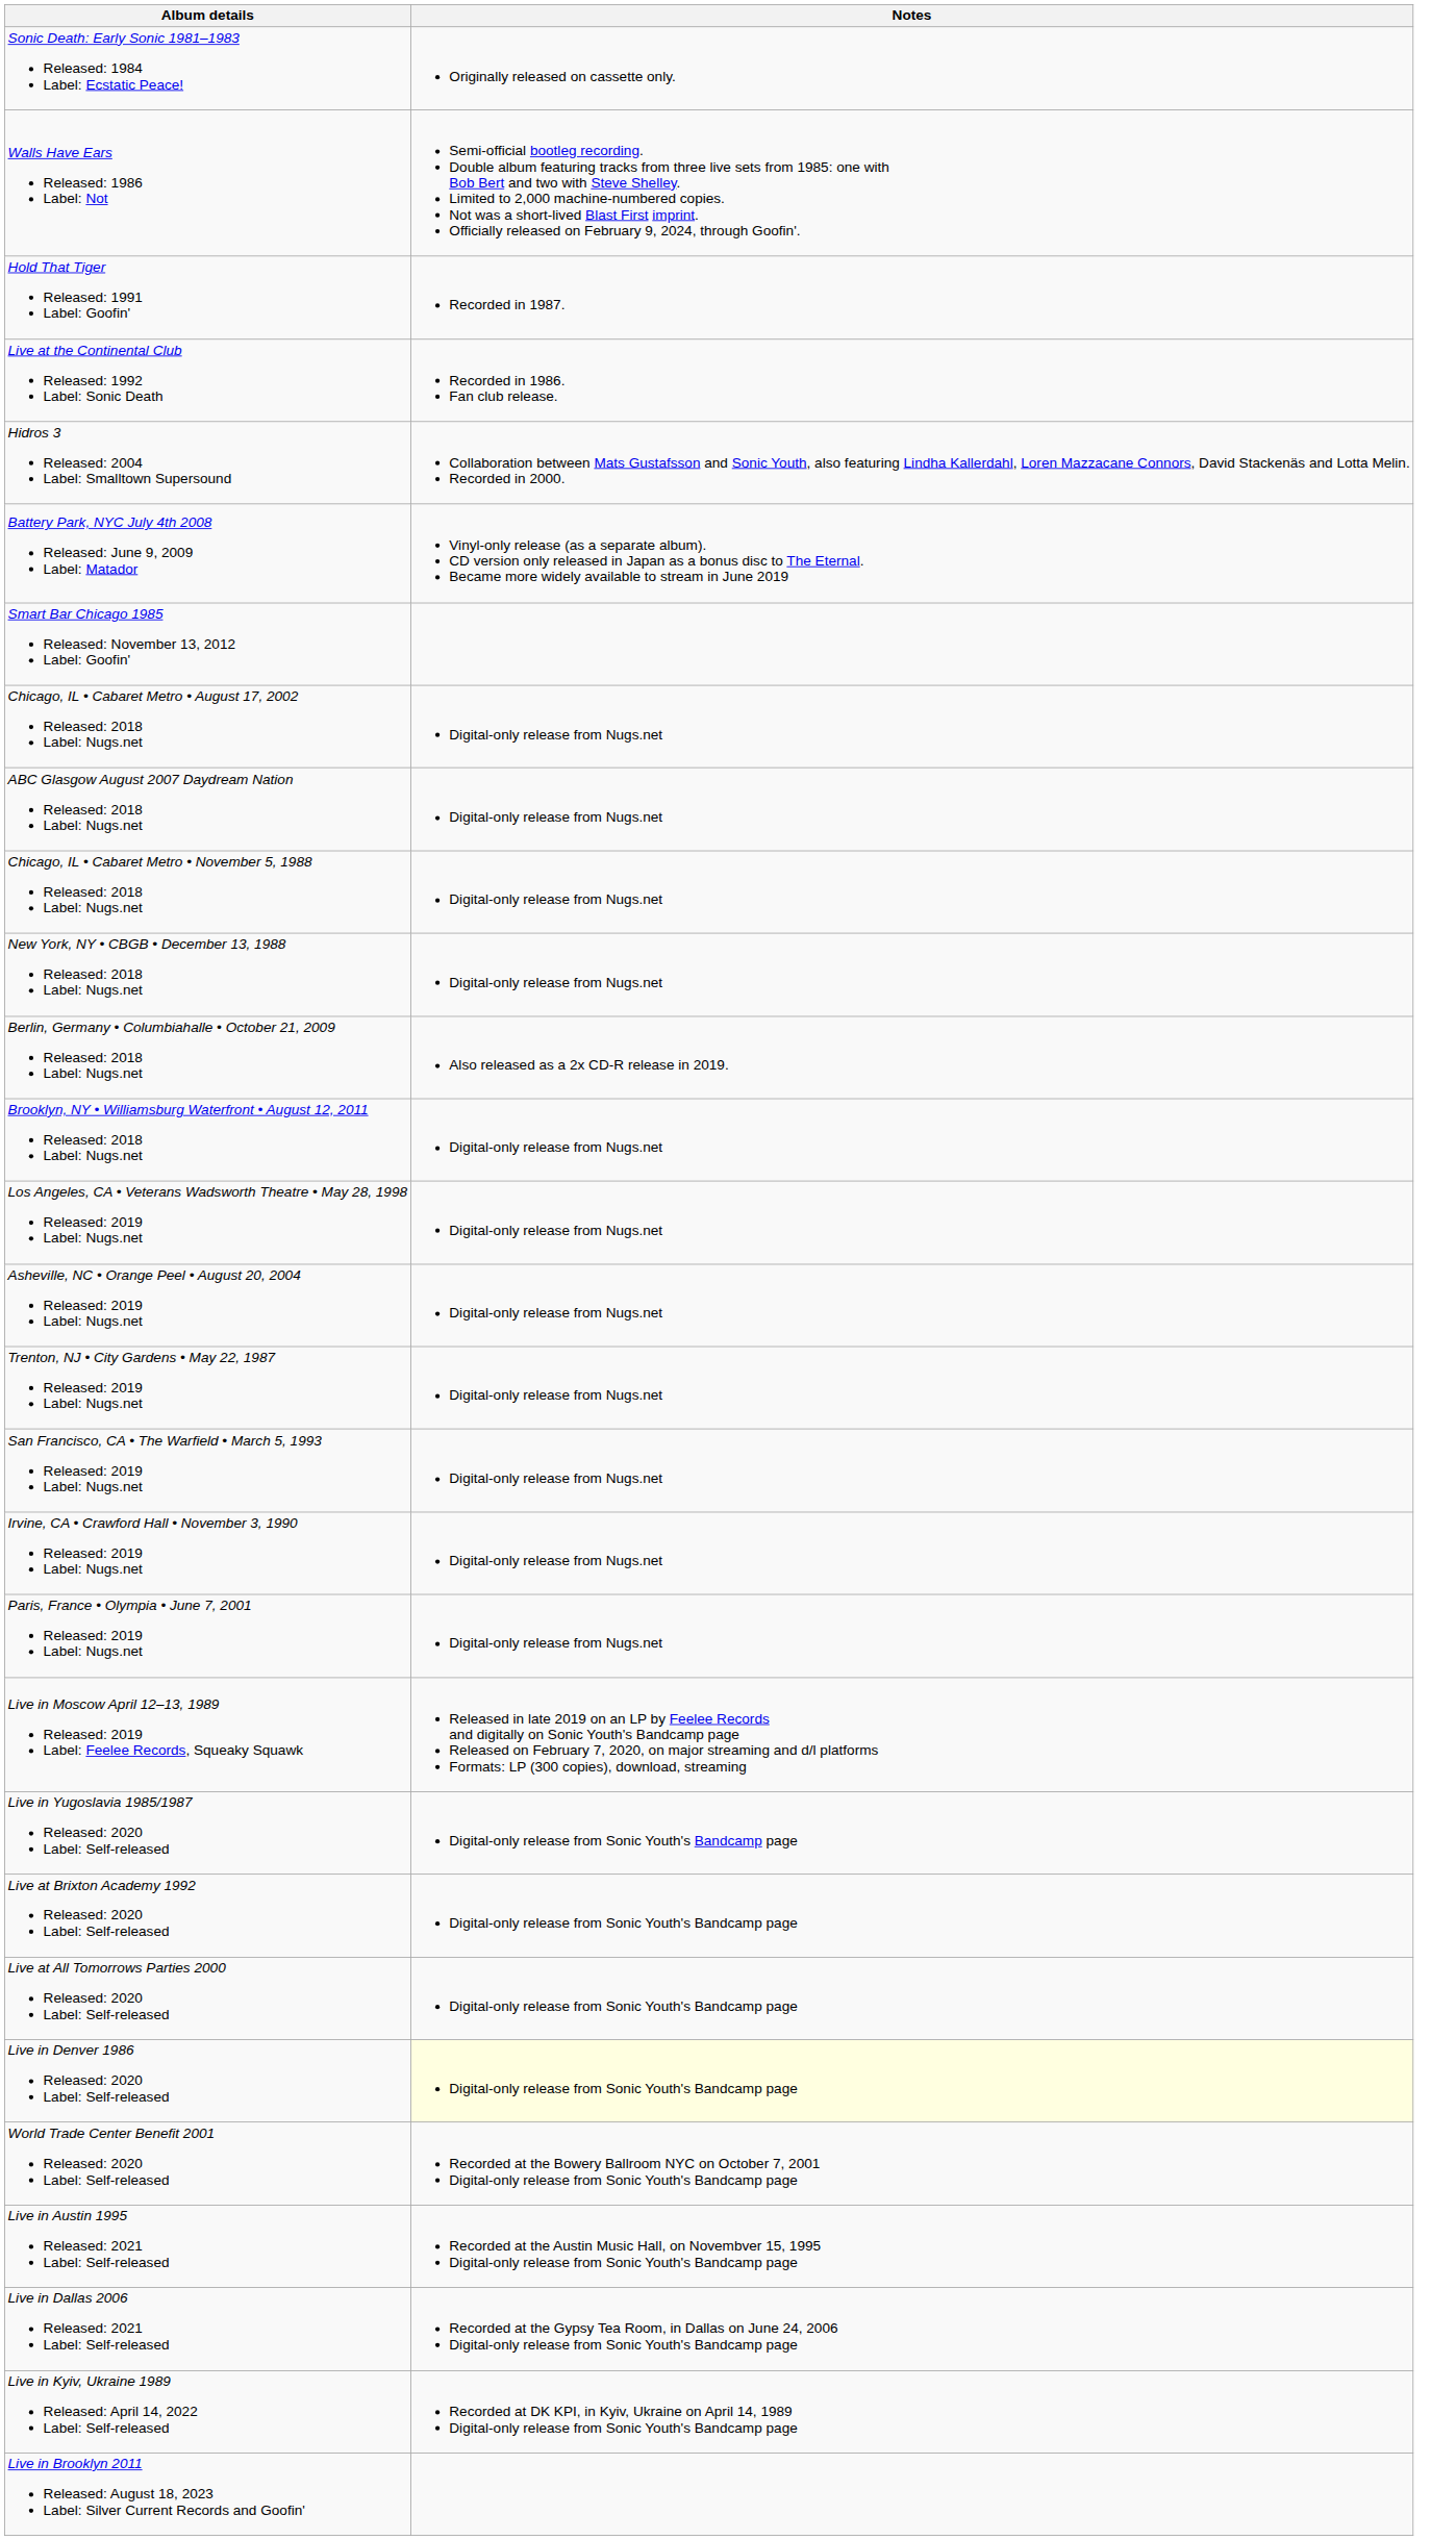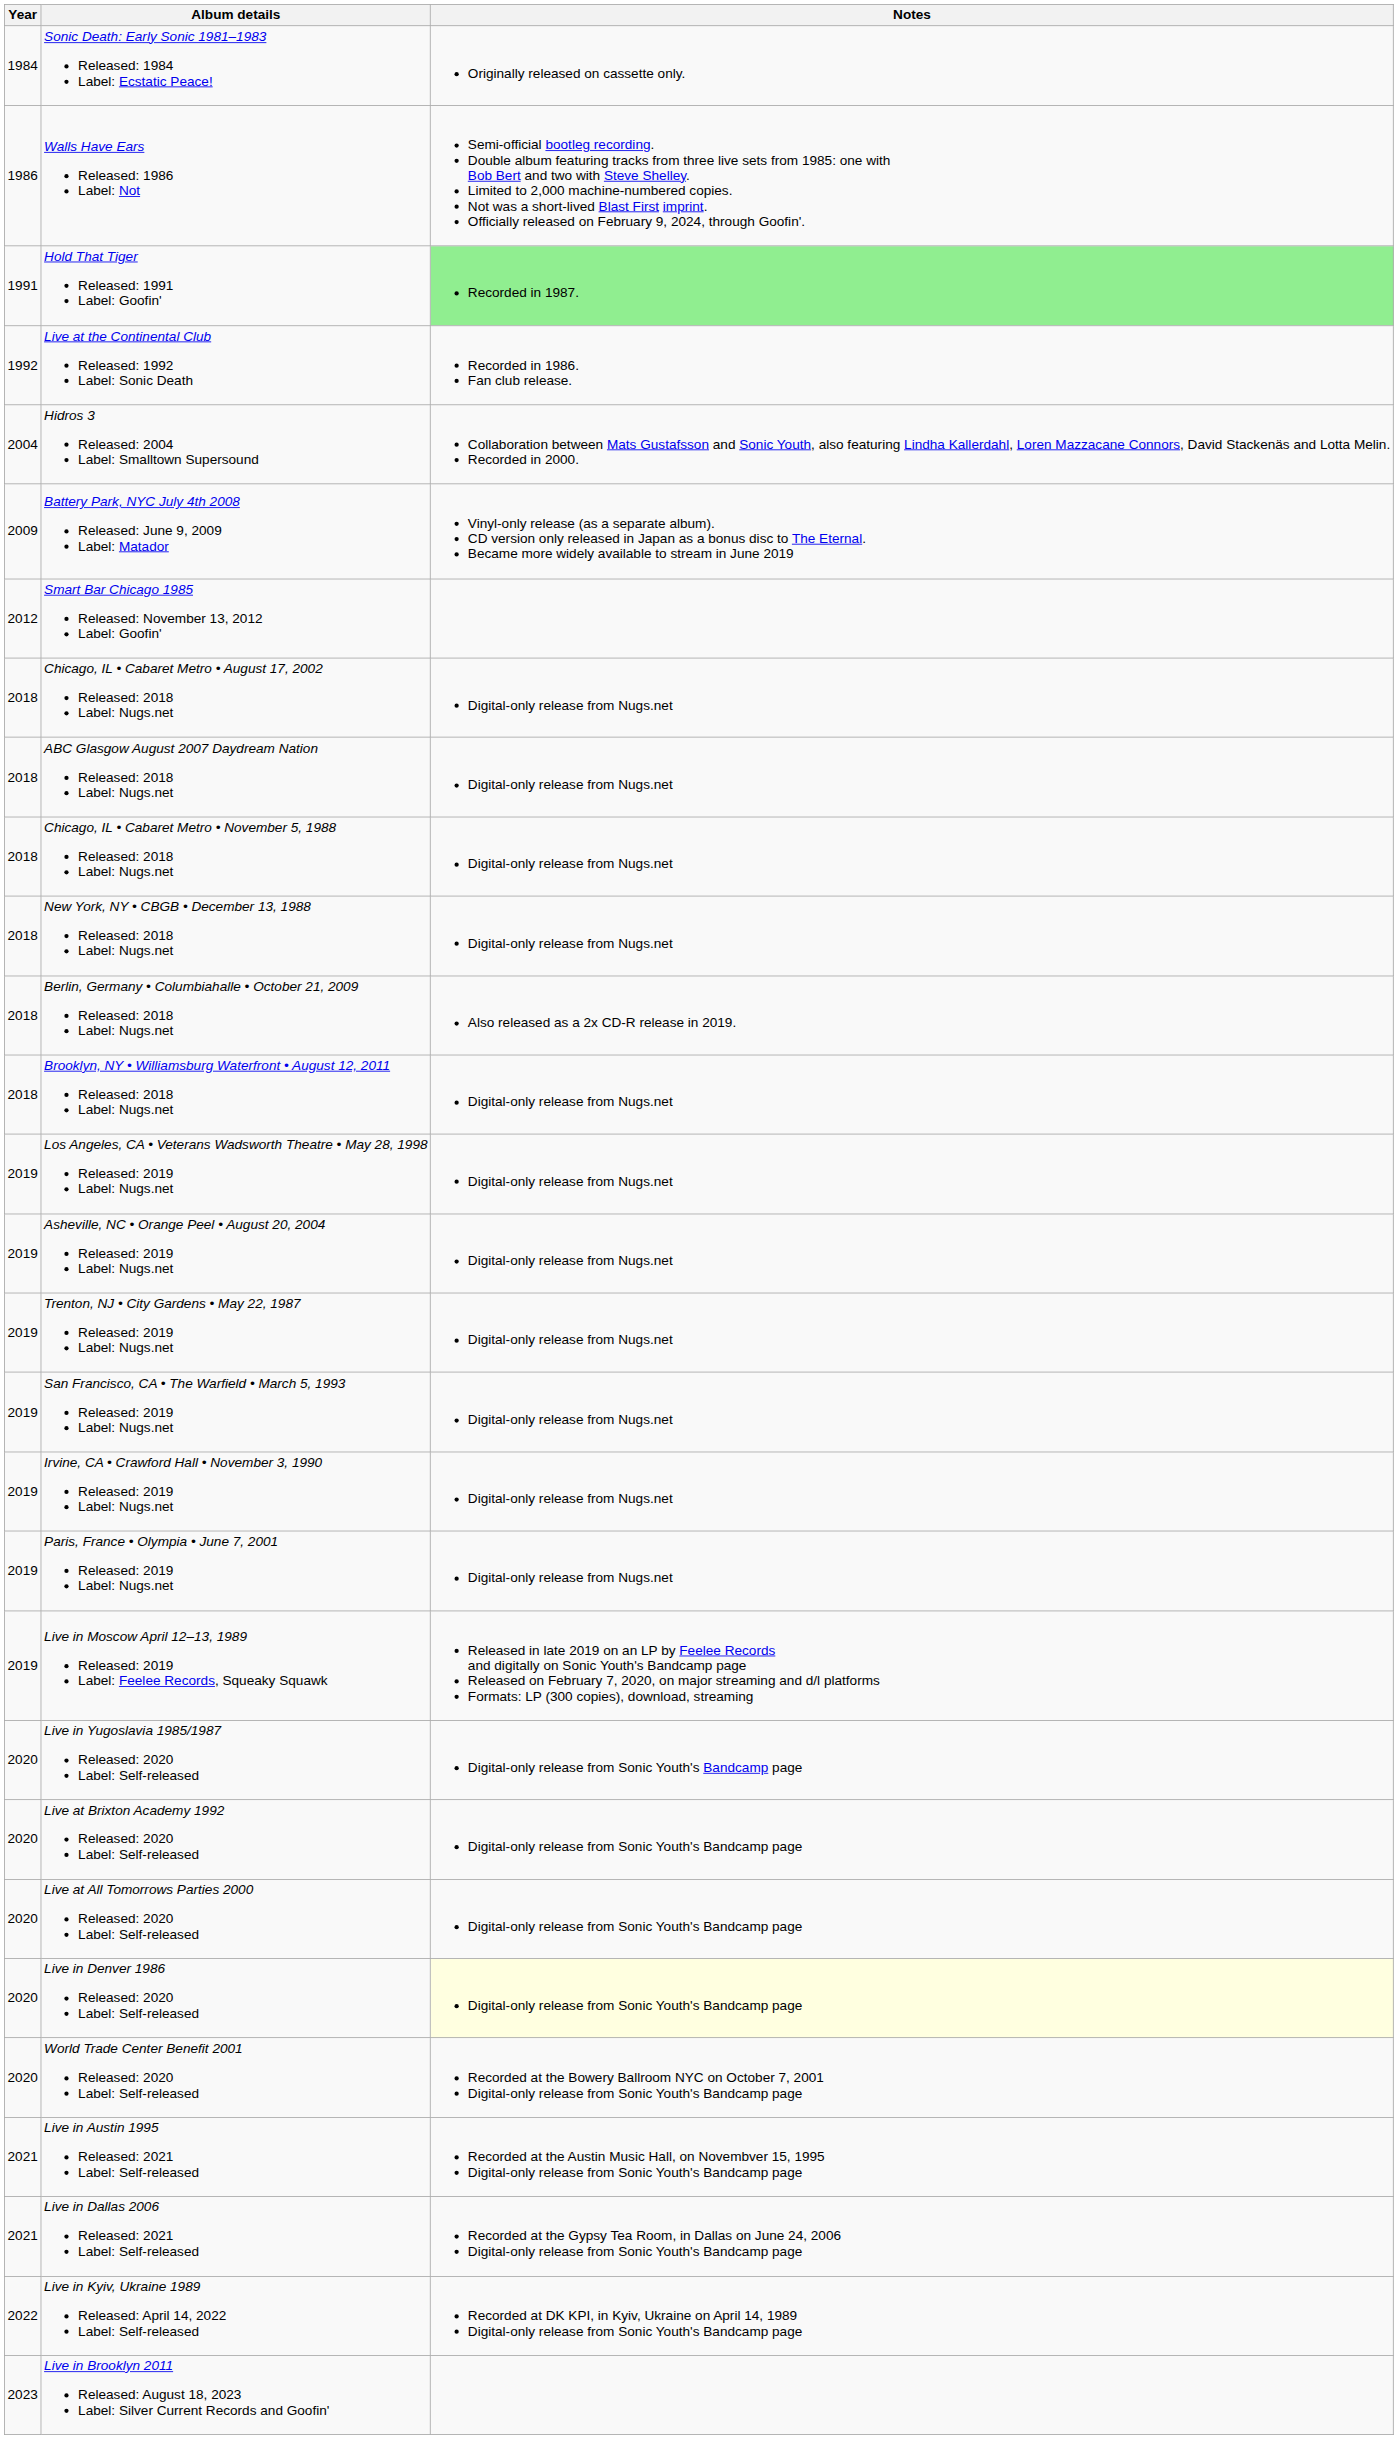 <table class="wikitable">
 <tr>
+<th>Year</th>
 <th>Album details</th>
 <th>Notes</th>
 </tr>
 <tr>
+<td>1984</td>
 <td><a href='#'><em>Sonic Death: Early Sonic 1981–1983</em></a><br><ul><li>Released: 1984</li><li>Label: <a href='#'>Ecstatic Peace!</a></li></ul></td>
 <td><br><ul><li>Originally released on cassette only.</li></ul></td>
 </tr>
 <tr>
+<td>1986</td>
 <td><em><a href='#'>Walls Have Ears</a></em><br><ul><li>Released: 1986</li><li>Label: <a href='#'>Not</a></li></ul></td>
 <td><br><ul><li>Semi-official <a href='#'>bootleg recording</a>.</li><li>Double album featuring tracks from three live sets from 1985: one with <br> <a href='#'>Bob Bert</a> and two with <a href='#'>Steve Shelley</a>.</li><li>Limited to 2,000 machine-numbered copies.</li><li>Not was a short-lived <a href='#'>Blast First</a> <a href='#'>imprint</a>.</li><li>Officially released on February 9, 2024, through Goofin'.</li></ul></td>
 </tr>
 <tr>
+<td>1991</td>
 <td><a href='#'><em>Hold That Tiger</em></a><br><ul><li>Released: 1991</li><li>Label: Goofin'</li></ul></td>
-<td><br><ul><li>Recorded in 1987.</li></ul></td>
+<td style="background: lightgreen;"><br><ul><li>Recorded in 1987.</li></ul></td>
 </tr>
 <tr>
+<td>1992</td>
 <td><em><a href='#'>Live at the Continental Club</a></em><br><ul><li>Released: 1992</li><li>Label: Sonic Death</li></ul></td>
 <td><br><ul><li>Recorded in 1986.</li><li>Fan club release.</li></ul></td>
 </tr>
 <tr>
+<td>2004</td>
 <td><em>Hidros 3</em><br><ul><li>Released: 2004</li><li>Label: Smalltown Supersound</li></ul></td>
 <td><br><ul><li>Collaboration between <a href='#'>Mats Gustafsson</a> and <a href='#'>Sonic Youth</a>, also featuring <a href='#'>Lindha Kallerdahl</a>, <a href='#'>Loren Mazzacane Connors</a>, David Stackenäs and Lotta Melin.</li><li>Recorded in 2000.</li></ul></td>
 </tr>
 <tr>
+<td>2009</td>
 <td><em><a href='#'>Battery Park, NYC July 4th 2008</a></em><br><ul><li>Released: June 9, 2009</li><li>Label: <a href='#'>Matador</a></li></ul></td>
 <td><br><ul><li>Vinyl-only release (as a separate album).</li><li>CD version only released in Japan as a bonus disc to <a href='#'>The Eternal</a>.</li><li>Became more widely available to stream in June 2019</li></ul></td>
 </tr>
 <tr>
+<td>2012</td>
 <td><em><a href='#'>Smart Bar Chicago 1985</a></em><br><ul><li>Released: November 13, 2012</li><li>Label: Goofin'</li></ul></td>
 <td></td>
 </tr>
 <tr>
+<td>2018</td>
 <td><em>Chicago, IL • Cabaret Metro • August 17, 2002</em><br><ul><li>Released: 2018</li><li>Label: Nugs.net</li></ul></td>
 <td><br><ul><li>Digital-only release from Nugs.net</li></ul></td>
 </tr>
 <tr>
+<td>2018</td>
 <td><em>ABC Glasgow August 2007 Daydream Nation</em><br><ul><li>Released: 2018</li><li>Label: Nugs.net</li></ul></td>
 <td><br><ul><li>Digital-only release from Nugs.net</li></ul></td>
 </tr>
 <tr>
+<td>2018</td>
 <td><em>Chicago, IL • Cabaret Metro • November 5, 1988</em><br><ul><li>Released: 2018</li><li>Label: Nugs.net</li></ul></td>
 <td><br><ul><li>Digital-only release from Nugs.net</li></ul></td>
 </tr>
 <tr>
+<td>2018</td>
 <td><em>New York, NY • CBGB • December 13, 1988</em><br><ul><li>Released: 2018</li><li>Label: Nugs.net</li></ul></td>
 <td><br><ul><li>Digital-only release from Nugs.net</li></ul></td>
 </tr>
 <tr>
+<td>2018</td>
 <td><em>Berlin, Germany • Columbiahalle • October 21, 2009</em><br><ul><li>Released: 2018</li><li>Label: Nugs.net</li></ul></td>
 <td><br><ul><li>Also released as a 2x CD-R release in 2019.</li></ul></td>
 </tr>
 <tr>
+<td>2018</td>
 <td><em><a href='#'>Brooklyn, NY • Williamsburg Waterfront • August 12, 2011</a></em><br><ul><li>Released: 2018</li><li>Label: Nugs.net</li></ul></td>
 <td><br><ul><li>Digital-only release from Nugs.net</li></ul></td>
 </tr>
 <tr>
+<td>2019</td>
 <td><em>Los Angeles, CA • Veterans Wadsworth Theatre • May 28, 1998</em><br><ul><li>Released: 2019</li><li>Label: Nugs.net</li></ul></td>
 <td><br><ul><li>Digital-only release from Nugs.net</li></ul></td>
 </tr>
 <tr>
+<td>2019</td>
 <td><em>Asheville, NC • Orange Peel • August 20, 2004</em><br><ul><li>Released: 2019</li><li>Label: Nugs.net</li></ul></td>
 <td><br><ul><li>Digital-only release from Nugs.net</li></ul></td>
 </tr>
 <tr>
+<td>2019</td>
 <td><em>Trenton, NJ • City Gardens • May 22, 1987</em><br><ul><li>Released: 2019</li><li>Label: Nugs.net</li></ul></td>
 <td><br><ul><li>Digital-only release from Nugs.net</li></ul></td>
 </tr>
 <tr>
+<td>2019</td>
 <td><em>San Francisco, CA • The Warfield • March 5, 1993</em><br><ul><li>Released: 2019</li><li>Label: Nugs.net</li></ul></td>
 <td><br><ul><li>Digital-only release from Nugs.net</li></ul></td>
 </tr>
 <tr>
+<td>2019</td>
 <td><em>Irvine, CA • Crawford Hall • November 3, 1990</em><br><ul><li>Released: 2019</li><li>Label: Nugs.net</li></ul></td>
 <td><br><ul><li>Digital-only release from Nugs.net</li></ul></td>
 </tr>
 <tr>
+<td>2019</td>
 <td><em>Paris, France • Olympia • June 7, 2001</em><br><ul><li>Released: 2019</li><li>Label: Nugs.net</li></ul></td>
 <td><br><ul><li>Digital-only release from Nugs.net</li></ul></td>
 </tr>
 <tr>
+<td>2019</td>
 <td><em>Live in Moscow April 12–13, 1989</em><br><ul><li>Released: 2019</li><li>Label: <a href='#'>Feelee Records</a>, Squeaky Squawk</li></ul></td>
 <td><br><ul><li>Released in late 2019 on an LP by <a href='#'>Feelee Records</a><br>and digitally on Sonic Youth's Bandcamp page</li><li>Released on February 7, 2020, on major streaming and d/l platforms</li><li>Formats: LP (300 copies), download, streaming</li></ul></td>
 </tr>
 <tr>
+<td>2020</td>
 <td><em>Live in Yugoslavia 1985/1987</em><br><ul><li>Released: 2020</li><li>Label: Self-released</li></ul></td>
 <td><br><ul><li>Digital-only release from Sonic Youth's <a href='#'>Bandcamp</a> page</li></ul></td>
 </tr>
 <tr>
+<td>2020</td>
 <td><em>Live at Brixton Academy 1992</em><br><ul><li>Released: 2020</li><li>Label: Self-released</li></ul></td>
 <td><br><ul><li>Digital-only release from Sonic Youth's Bandcamp page</li></ul></td>
 </tr>
 <tr>
+<td>2020</td>
 <td><em>Live at All Tomorrows Parties 2000</em><br><ul><li>Released: 2020</li><li>Label: Self-released</li></ul></td>
 <td><br><ul><li>Digital-only release from Sonic Youth's Bandcamp page</li></ul></td>
 </tr>
 <tr>
+<td>2020</td>
 <td><em>Live in Denver 1986</em><br><ul><li>Released: 2020</li><li>Label: Self-released</li></ul></td>
 <td style="background: lightyellow;"><br><ul><li>Digital-only release from Sonic Youth's Bandcamp page</li></ul></td>
 </tr>
 <tr>
+<td>2020</td>
 <td><em>World Trade Center Benefit 2001</em><br><ul><li>Released: 2020</li><li>Label: Self-released</li></ul></td>
 <td><br><ul><li>Recorded at the Bowery Ballroom NYC on October 7, 2001</li><li>Digital-only release from Sonic Youth's Bandcamp page</li></ul></td>
 </tr>
 <tr>
+<td>2021</td>
 <td><em>Live in Austin 1995</em><br><ul><li>Released: 2021</li><li>Label: Self-released</li></ul></td>
 <td><br><ul><li>Recorded at the Austin Music Hall, on Novembver 15, 1995</li><li>Digital-only release from Sonic Youth's Bandcamp page</li></ul></td>
 </tr>
 <tr>
+<td>2021</td>
 <td><em>Live in Dallas 2006</em><br><ul><li>Released: 2021</li><li>Label: Self-released</li></ul></td>
 <td><br><ul><li>Recorded at the Gypsy Tea Room, in Dallas on June 24, 2006</li><li>Digital-only release from Sonic Youth's Bandcamp page</li></ul></td>
 </tr>
 <tr>
+<td>2022</td>
 <td><em>Live in Kyiv, Ukraine 1989</em><br><ul><li>Released: April 14, 2022</li><li>Label: Self-released</li></ul></td>
 <td><br><ul><li>Recorded at DK KPI, in Kyiv, Ukraine on April 14, 1989</li><li>Digital-only release from Sonic Youth's Bandcamp page</li></ul></td>
 </tr>
 <tr>
+<td>2023</td>
 <td><em><a href='#'>Live in Brooklyn 2011</a></em><br><ul><li>Released: August 18, 2023</li><li>Label: Silver Current Records and Goofin'</li></ul></td>
 <td></td>
 </tr>
 </table>
